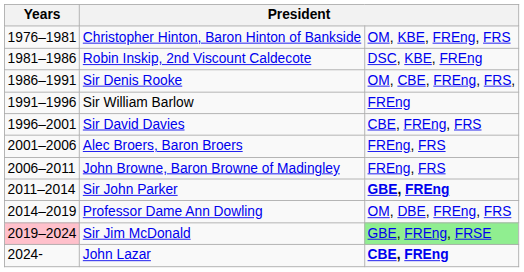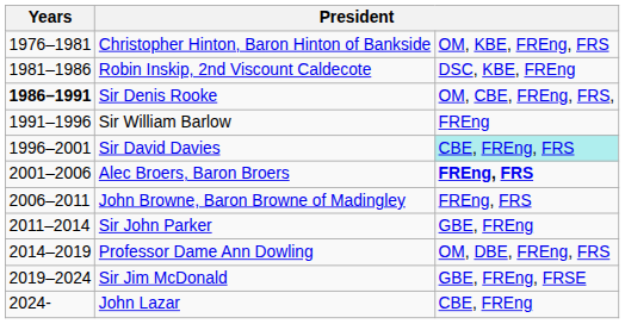 <table class="wikitable sortable" border="1">
 <tr>
 <th>Years</th>
 <th colspan=2>President</th>
 </tr>
 <tr>
 <td>1976–1981</td>
 <td><a href='#'>Christopher Hinton, Baron Hinton of Bankside</a></td>
 <td><a href='#'>OM</a>, <a href='#'>KBE</a>, <a href='#'>FREng</a>, <a href='#'>FRS</a></td>
 </tr>
 <tr>
 <td>1981–1986</td>
 <td><a href='#'>Robin Inskip, 2nd Viscount Caldecote</a></td>
 <td><a href='#'>DSC</a>, <a href='#'>KBE</a>, <a href='#'>FREng</a></td>
 </tr>
 <tr>
-<td>1986–1991</td>
+<td><strong>1986–1991</strong></td>
 <td><a href='#'>Sir Denis Rooke</a></td>
 <td><a href='#'>OM</a>, <a href='#'>CBE</a>, <a href='#'>FREng</a>, <a href='#'>FRS</a>,</td>
 </tr>
 <tr>
 <td>1991–1996</td>
 <td>Sir William Barlow</td>
 <td><a href='#'>FREng</a></td>
 </tr>
 <tr>
 <td>1996–2001</td>
 <td><a href='#'>Sir David Davies</a></td>
-<td><a href='#'>CBE</a>, <a href='#'>FREng</a>, <a href='#'>FRS</a></td>
+<td style="background: paleturquoise;"><a href='#'>CBE</a>, <a href='#'>FREng</a>, <a href='#'>FRS</a></td>
 </tr>
 <tr>
 <td>2001–2006</td>
 <td><a href='#'>Alec Broers, Baron Broers</a></td>
-<td><a href='#'>FREng</a>, <a href='#'>FRS</a></td>
+<td><strong><a href='#'>FREng</a>, <a href='#'>FRS</a></strong></td>
 </tr>
 <tr>
 <td>2006–2011</td>
 <td><a href='#'>John Browne, Baron Browne of Madingley</a></td>
 <td><a href='#'>FREng</a>, <a href='#'>FRS</a></td>
 </tr>
 <tr>
 <td>2011–2014</td>
 <td><a href='#'>Sir John Parker</a></td>
-<td><strong><a href='#'>GBE</a>, <a href='#'>FREng</a></strong></td>
+<td><a href='#'>GBE</a>, <a href='#'>FREng</a></td>
 </tr>
 <tr>
 <td>2014–2019</td>
 <td><a href='#'>Professor Dame Ann Dowling</a></td>
 <td><a href='#'>OM</a>, <a href='#'>DBE</a>, <a href='#'>FREng</a>, <a href='#'>FRS</a></td>
 </tr>
 <tr>
-<td style="background: pink;">2019–2024</td>
+<td>2019–2024</td>
 <td><a href='#'>Sir Jim McDonald</a></td>
-<td style="background: lightgreen;"><a href='#'>GBE</a>, <a href='#'>FREng</a>, <a href='#'>FRSE</a></td>
+<td><a href='#'>GBE</a>, <a href='#'>FREng</a>, <a href='#'>FRSE</a></td>
 </tr>
 <tr>
 <td>2024-</td>
 <td><a href='#'>John Lazar</a></td>
-<td><strong><a href='#'>CBE</a>, <a href='#'>FREng</a></strong></td>
+<td><a href='#'>CBE</a>, <a href='#'>FREng</a></td>
 </tr>
 </table>
